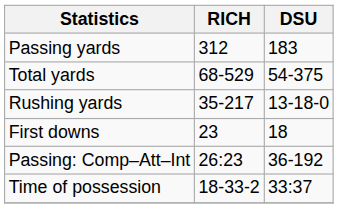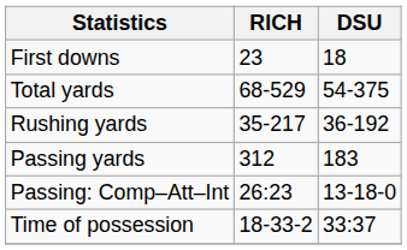 <table class="wikitable" style="float: left;">
 <tr>
 <th>Statistics</th>
 <th>RICH</th>
 <th>DSU</th>
 </tr>
 <tr>
-<td>Passing yards</td>
-<td>312</td>
-<td>183</td>
+<td>First downs</td>
+<td>23</td>
+<td>18</td>
 </tr>
 <tr>
 <td>Total yards</td>
 <td>68-529</td>
 <td>54-375</td>
 </tr>
 <tr>
 <td>Rushing yards</td>
 <td>35-217</td>
-<td>13-18-0</td>
+<td>36-192</td>
 </tr>
 <tr>
-<td>First downs</td>
-<td>23</td>
-<td>18</td>
+<td>Passing yards</td>
+<td>312</td>
+<td>183</td>
 </tr>
 <tr>
 <td>Passing: Comp–Att–Int</td>
 <td>26:23</td>
-<td>36-192</td>
+<td>13-18-0</td>
 </tr>
 <tr>
 <td>Time of possession</td>
 <td>18-33-2</td>
 <td>33:37</td>
 </tr>
 <tr>
 </tr>
 </table>
